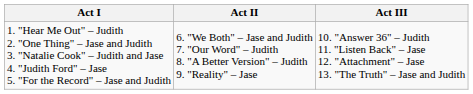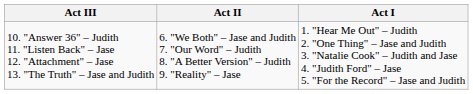 <table class="wikitable">
 <tr>
+<th>Act III</th>
+<th>Act II</th>
 <th>Act I</th>
-<th>Act II</th>
-<th>Act III</th>
 </tr>
 <tr>
+<td>10. "Answer 36" – Judith<br>11. "Listen Back" – Jase<br> 12. "Attachment" – Jase<br> 13. "The Truth" – Jase and Judith</td>
+<td>6. "We Both" – Jase and Judith<br>7. "Our Word" – Judith<br> 8. "A Better Version" – Judith<br> 9. "Reality" – Jase</td>
 <td>1. "Hear Me Out" – Judith<br>2. "One Thing" – Jase and Judith<br> 3. "Natalie Cook" – Judith and Jase<br> 4. "Judith Ford" – Jase<br> 5. "For the Record" – Jase and Judith</td>
-<td>6. "We Both" – Jase and Judith<br>7. "Our Word" – Judith<br> 8. "A Better Version" – Judith<br> 9. "Reality" – Jase</td>
-<td>10. "Answer 36" – Judith<br>11. "Listen Back" – Jase<br> 12. "Attachment" – Jase<br> 13. "The Truth" – Jase and Judith</td>
 </tr>
 </table>
